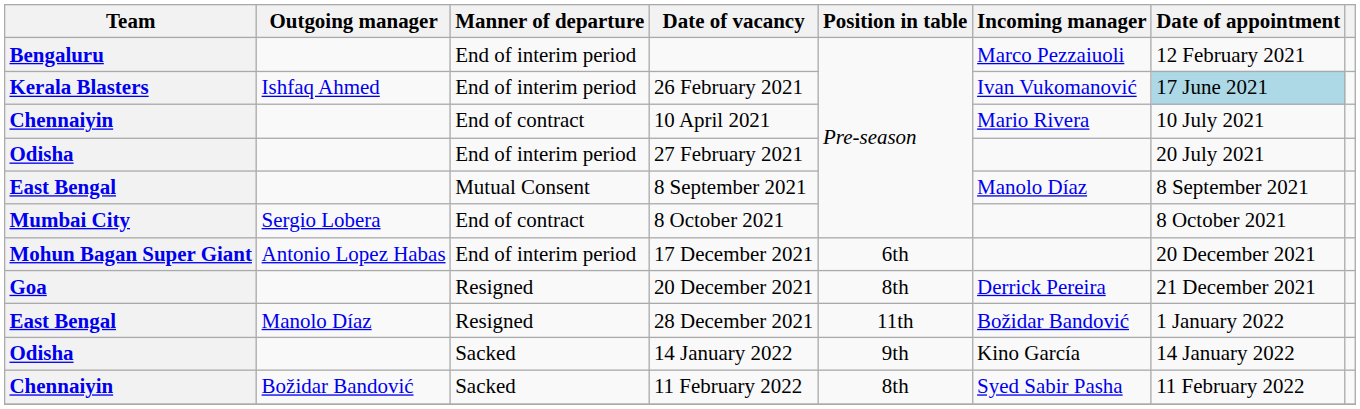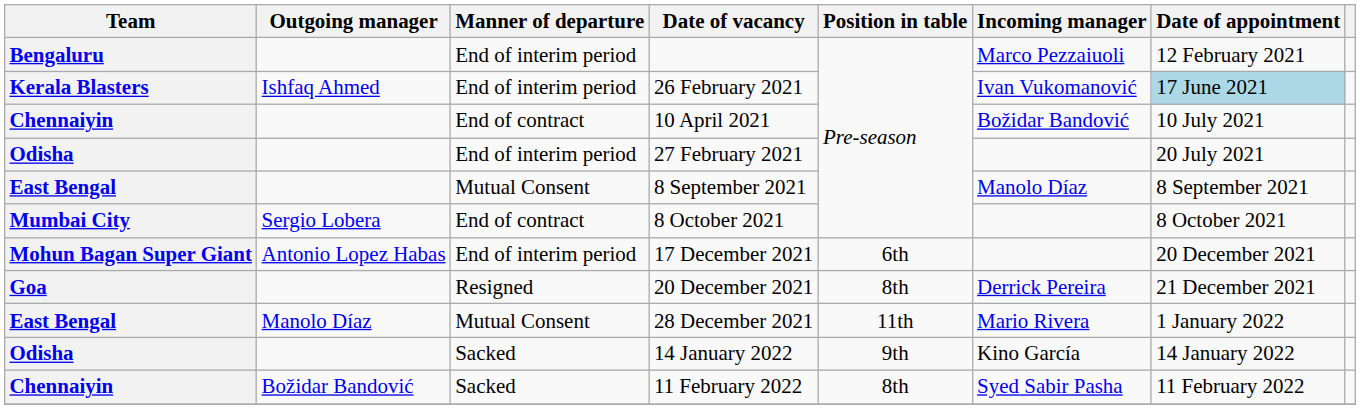 <table class="wikitable sortable">
 <tr>
 <th scope=col>Team</th>
 <th scope=col>Outgoing manager</th>
 <th scope=col>Manner of departure</th>
 <th scope=col>Date of vacancy</th>
 <th scope=col>Position in table</th>
 <th scope=col>Incoming manager</th>
 <th scope=col>Date of appointment</th>
 <th scope=col class=unsortable></th>
 </tr>
 <tr>
 <th scope=row style="text-align: left;"><a href='#'>Bengaluru</a></th>
 <td> </td>
 <td>End of interim period</td>
 <td></td>
 <td rowspan="6"><em>Pre-season</em></td>
 <td> <a href='#'>Marco Pezzaiuoli</a></td>
 <td>12 February 2021</td>
 <td></td>
 </tr>
 <tr>
 <th scope=row style="text-align: left;"><a href='#'>Kerala Blasters</a></th>
 <td> <a href='#'>Ishfaq Ahmed</a></td>
 <td>End of interim period</td>
 <td>26 February 2021</td>
 <td> <a href='#'>Ivan Vukomanović</a></td>
 <td style="background: lightblue;">17 June 2021</td>
 <td></td>
 </tr>
 <tr>
 <th scope="row" style="text-align: left;"><a href='#'>Chennaiyin</a></th>
 <td> </td>
 <td rowspan="1">End of contract</td>
 <td>10 April 2021</td>
-<td> <a href='#'>Mario Rivera</a></td>
+<td> <a href='#'>Božidar Bandović</a></td>
 <td>10 July 2021</td>
 <td></td>
 </tr>
 <tr>
 <th scope="row" style="text-align: left;"><a href='#'>Odisha</a></th>
 <td> </td>
 <td rowspan="1">End of interim period</td>
 <td>27 February 2021</td>
 <td> </td>
 <td>20 July 2021</td>
 <td></td>
 </tr>
 <tr>
 <th scope="row" style="text-align: left;"><a href='#'>East Bengal</a></th>
 <td> </td>
 <td rowspan="1">Mutual Consent</td>
 <td>8 September 2021</td>
 <td> <a href='#'>Manolo Díaz</a></td>
 <td>8 September 2021</td>
 <td></td>
 </tr>
 <tr>
 <th scope="row" style="text-align: left;"><a href='#'>Mumbai City</a></th>
 <td> <a href='#'>Sergio Lobera</a></td>
 <td rowspan="1">End of contract</td>
 <td>8 October 2021</td>
 <td> </td>
 <td>8 October 2021</td>
 <td></td>
 </tr>
 <tr>
 <th scope="row" style="text-align: left;"><a href='#'>Mohun Bagan Super Giant</a></th>
 <td> <a href='#'>Antonio Lopez Habas</a></td>
 <td>End of interim period</td>
 <td>17 December 2021</td>
 <td rowspan="1" align="center">6th</td>
 <td> </td>
 <td>20 December 2021</td>
 <td></td>
 </tr>
 <tr>
 <th scope="row" style="text-align: left;"><a href='#'>Goa</a></th>
 <td> </td>
 <td rowspan="1">Resigned</td>
 <td>20 December 2021</td>
 <td rowspan="1" align="center">8th</td>
 <td> <a href='#'>Derrick Pereira</a></td>
 <td>21 December 2021</td>
 <td></td>
 </tr>
 <tr>
 <th scope="row" style="text-align: left;"><a href='#'>East Bengal</a></th>
 <td> <a href='#'>Manolo Díaz</a></td>
-<td rowspan="1">Resigned</td>
+<td rowspan="1">Mutual Consent</td>
 <td>28 December 2021</td>
 <td rowspan="1" align="center">11th</td>
-<td> <a href='#'>Božidar Bandović</a></td>
+<td> <a href='#'>Mario Rivera</a></td>
 <td>1 January 2022</td>
 <td></td>
 </tr>
 <tr>
 <th scope="row" style="text-align: left;"><a href='#'>Odisha</a></th>
 <td> </td>
 <td rowspan="1">Sacked</td>
 <td>14 January 2022</td>
 <td rowspan="1" align="center">9th</td>
 <td> Kino García</td>
 <td>14 January 2022</td>
 <td><br></td>
 </tr>
 <tr>
 <th scope="row" style="text-align: left;"><a href='#'>Chennaiyin</a></th>
 <td> <a href='#'>Božidar Bandović</a></td>
 <td rowspan="1">Sacked</td>
 <td>11 February 2022</td>
 <td rowspan="1" align="center">8th</td>
 <td> <a href='#'>Syed Sabir Pasha</a></td>
 <td>11 February 2022</td>
 <td></td>
 </tr>
 <tr>
 </tr>
 </table>
